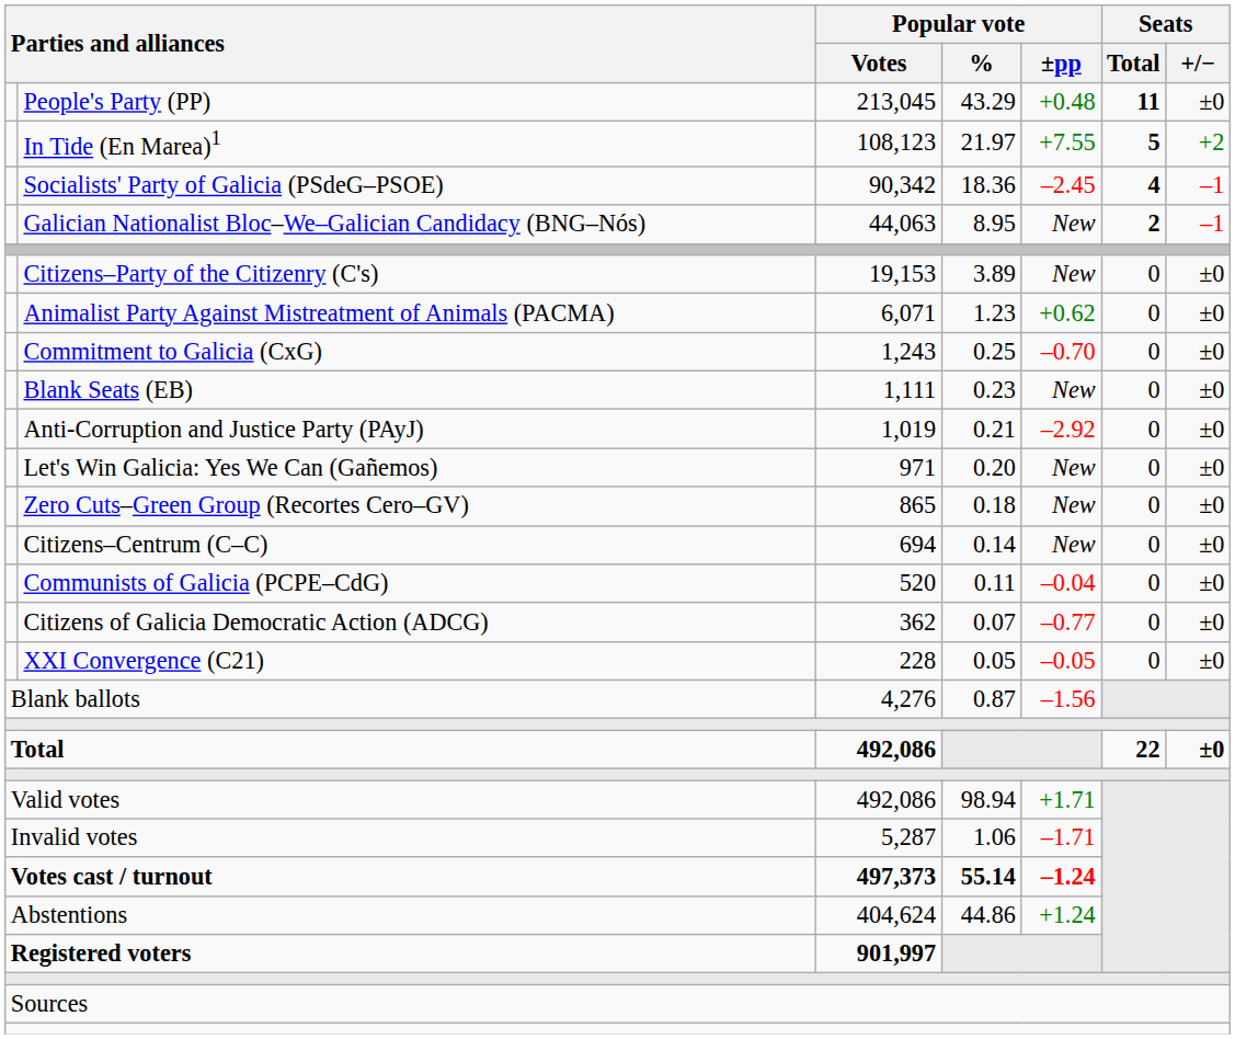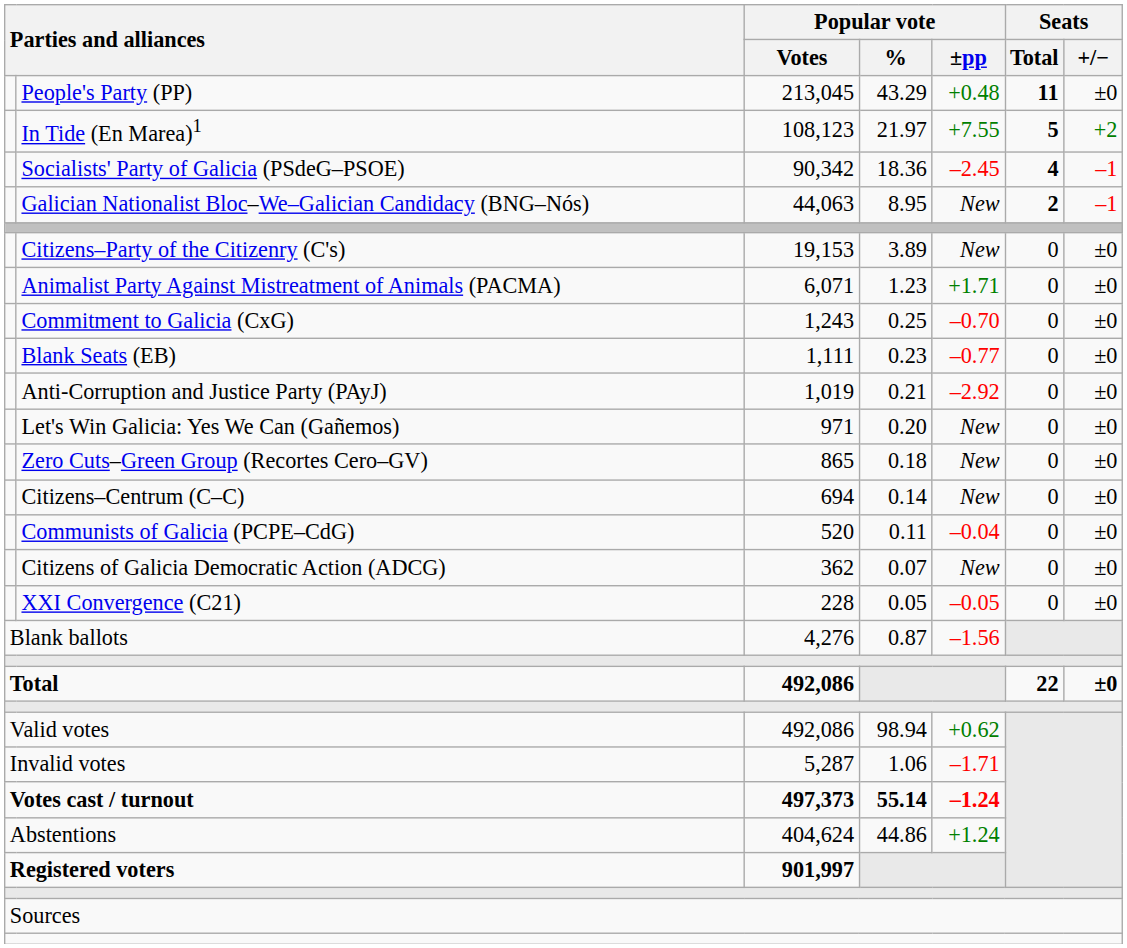 <table class="wikitable" style="text-align:right;">
 <tr>
 <th style="text-align:left;" rowspan="2" colspan="2" width="525">Parties and alliances</th>
 <th colspan="3">Popular vote</th>
 <th colspan="2">Seats</th>
 </tr>
 <tr>
 <th width="75">Votes</th>
 <th width="45">%</th>
 <th width="45">±<a href='#'>pp</a></th>
 <th width="35">Total</th>
 <th width="35">+/−</th>
 </tr>
 <tr>
 <td width="1" style="color:inherit;background:"></td>
 <td align="left"><a href='#'>People's Party</a> (PP)</td>
 <td>213,045</td>
 <td>43.29</td>
 <td style="color:green;">+0.48</td>
 <td><strong>11</strong></td>
 <td>±0</td>
 </tr>
 <tr>
 <td style="color:inherit;background:"></td>
 <td align="left"><a href='#'>In Tide</a> (En Marea)<sup>1</sup></td>
 <td>108,123</td>
 <td>21.97</td>
 <td style="color:green;">+7.55</td>
 <td><strong>5</strong></td>
 <td style="color:green;">+2</td>
 </tr>
 <tr>
 <td style="color:inherit;background:"></td>
 <td align="left"><a href='#'>Socialists' Party of Galicia</a> (PSdeG–PSOE)</td>
 <td>90,342</td>
 <td>18.36</td>
 <td style="color:red;">–2.45</td>
 <td><strong>4</strong></td>
 <td style="color:red;">–1</td>
 </tr>
 <tr>
 <td style="color:inherit;background:"></td>
 <td align="left"><a href='#'>Galician Nationalist Bloc</a>–<a href='#'>We–Galician Candidacy</a> (BNG–Nós)</td>
 <td>44,063</td>
 <td>8.95</td>
 <td><em>New</em></td>
 <td><strong>2</strong></td>
 <td style="color:red;">–1</td>
 </tr>
 <tr>
 <td colspan="7" bgcolor="#C0C0C0"></td>
 </tr>
 <tr>
 <td style="color:inherit;background:"></td>
 <td align="left"><a href='#'>Citizens–Party of the Citizenry</a> (C's)</td>
 <td>19,153</td>
 <td>3.89</td>
 <td><em>New</em></td>
 <td>0</td>
 <td>±0</td>
 </tr>
 <tr>
 <td style="color:inherit;background:"></td>
 <td align="left"><a href='#'>Animalist Party Against Mistreatment of Animals</a> (PACMA)</td>
 <td>6,071</td>
 <td>1.23</td>
-<td style="color:green;">+0.62</td>
+<td style="color:green;">+1.71</td>
 <td>0</td>
 <td>±0</td>
 </tr>
 <tr>
 <td style="color:inherit;background:"></td>
 <td align="left"><a href='#'>Commitment to Galicia</a> (CxG)</td>
 <td>1,243</td>
 <td>0.25</td>
 <td style="color:red;">–0.70</td>
 <td>0</td>
 <td>±0</td>
 </tr>
 <tr>
 <td style="color:inherit;background:"></td>
 <td align="left"><a href='#'>Blank Seats</a> (EB)</td>
 <td>1,111</td>
 <td>0.23</td>
-<td><em>New</em></td>
+<td style="color:red;">–0.77</td>
 <td>0</td>
 <td>±0</td>
 </tr>
 <tr>
 <td style="color:inherit;background:"></td>
 <td align="left">Anti-Corruption and Justice Party (PAyJ)</td>
 <td>1,019</td>
 <td>0.21</td>
 <td style="color:red;">–2.92</td>
 <td>0</td>
 <td>±0</td>
 </tr>
 <tr>
 <td style="color:inherit;background:"></td>
 <td align="left">Let's Win Galicia: Yes We Can (Gañemos)</td>
 <td>971</td>
 <td>0.20</td>
 <td><em>New</em></td>
 <td>0</td>
 <td>±0</td>
 </tr>
 <tr>
 <td style="color:inherit;background:"></td>
 <td align="left"><a href='#'>Zero Cuts</a>–<a href='#'>Green Group</a> (Recortes Cero–GV)</td>
 <td>865</td>
 <td>0.18</td>
 <td><em>New</em></td>
 <td>0</td>
 <td>±0</td>
 </tr>
 <tr>
 <td style="color:inherit;background:"></td>
 <td align="left">Citizens–Centrum (C–C)</td>
 <td>694</td>
 <td>0.14</td>
 <td><em>New</em></td>
 <td>0</td>
 <td>±0</td>
 </tr>
 <tr>
 <td style="color:inherit;background:"></td>
 <td align="left"><a href='#'>Communists of Galicia</a> (PCPE–CdG)</td>
 <td>520</td>
 <td>0.11</td>
 <td style="color:red;">–0.04</td>
 <td>0</td>
 <td>±0</td>
 </tr>
 <tr>
 <td style="color:inherit;background:"></td>
 <td align="left">Citizens of Galicia Democratic Action (ADCG)</td>
 <td>362</td>
 <td>0.07</td>
-<td style="color:red;">–0.77</td>
+<td><em>New</em></td>
 <td>0</td>
 <td>±0</td>
 </tr>
 <tr>
 <td style="color:inherit;background:"></td>
 <td align="left"><a href='#'>XXI Convergence</a> (C21)</td>
 <td>228</td>
 <td>0.05</td>
 <td style="color:red;">–0.05</td>
 <td>0</td>
 <td>±0</td>
 </tr>
 <tr>
 <td align="left" colspan="2">Blank ballots</td>
 <td>4,276</td>
 <td>0.87</td>
 <td style="color:red;">–1.56</td>
 <td bgcolor="#E9E9E9" colspan="2"></td>
 </tr>
 <tr>
 <td colspan="7" bgcolor="#E9E9E9"></td>
 </tr>
 <tr style="font-weight:bold;">
 <td align="left" colspan="2">Total</td>
 <td>492,086</td>
 <td bgcolor="#E9E9E9" colspan="2"></td>
 <td>22</td>
 <td>±0</td>
 </tr>
 <tr>
 <td colspan="7" bgcolor="#E9E9E9"></td>
 </tr>
 <tr>
 <td align="left" colspan="2">Valid votes</td>
 <td>492,086</td>
 <td>98.94</td>
-<td style="color:green;">+1.71</td>
+<td style="color:green;">+0.62</td>
 <td bgcolor="#E9E9E9" colspan="2" rowspan="5"></td>
 </tr>
 <tr>
 <td align="left" colspan="2">Invalid votes</td>
 <td>5,287</td>
 <td>1.06</td>
 <td style="color:red;">–1.71</td>
 </tr>
 <tr style="font-weight:bold;">
 <td align="left" colspan="2">Votes cast / turnout</td>
 <td>497,373</td>
 <td>55.14</td>
 <td style="color:red;">–1.24</td>
 </tr>
 <tr>
 <td align="left" colspan="2">Abstentions</td>
 <td>404,624</td>
 <td>44.86</td>
 <td style="color:green;">+1.24</td>
 </tr>
 <tr style="font-weight:bold;">
 <td align="left" colspan="2">Registered voters</td>
 <td>901,997</td>
 <td bgcolor="#E9E9E9" colspan="2"></td>
 </tr>
 <tr>
 <td colspan="7" bgcolor="#E9E9E9"></td>
 </tr>
 <tr>
 <td align="left" colspan="7">Sources</td>
 </tr>
 <tr>
 <td colspan="7" style="text-align:left; max-width:790px;"></td>
 </tr>
 </table>
